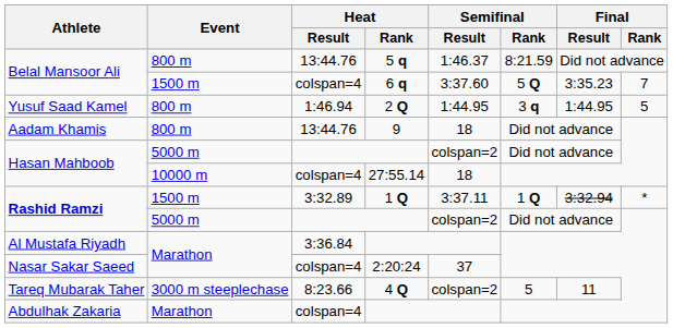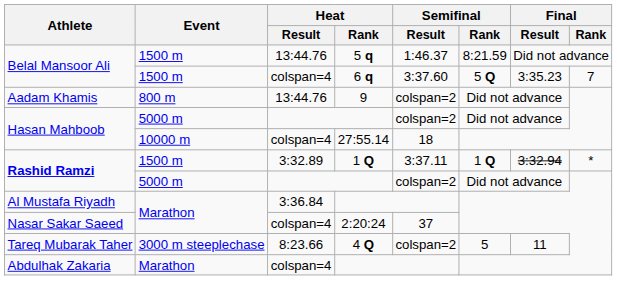 <table class=wikitable style="font-size:90%">
 <tr>
 <th rowspan="2">Athlete</th>
 <th rowspan="2">Event</th>
 <th colspan="2">Heat</th>
 <th colspan="2">Semifinal</th>
 <th colspan="2">Final</th>
 </tr>
 <tr style="font-size:95%">
 <th>Result</th>
 <th>Rank</th>
 <th>Result</th>
 <th>Rank</th>
 <th>Result</th>
 <th>Rank</th>
 </tr>
 <tr align=center>
 <td align=left rowspan=2><a href='#'>Belal Mansoor Ali</a></td>
-<td align=left><a href='#'>800 m</a></td>
+<td align=left><a href='#'>1500 m</a></td>
 <td>13:44.76</td>
 <td>5 <strong>q</strong></td>
 <td>1:46.37</td>
 <td>8:21.59</td>
 <td colspan=2>Did not advance</td>
 </tr>
 <tr align=center>
 <td align=left><a href='#'>1500 m</a></td>
 <td>colspan=4 </td>
 <td>6 <strong>q</strong></td>
 <td>3:37.60</td>
 <td>5 <strong>Q</strong></td>
 <td>3:35.23</td>
 <td>7</td>
 </tr>
 <tr align=center>
-<td align=left><a href='#'>Yusuf Saad Kamel</a></td>
-<td align=left><a href='#'>800 m</a></td>
-<td>1:46.94</td>
-<td>2 <strong>Q</strong></td>
-<td>1:44.95</td>
-<td>3 <strong>q</strong></td>
-<td>1:44.95</td>
-<td>5</td>
-</tr>
-<tr align=center>
 <td align=left><a href='#'>Aadam Khamis</a></td>
 <td align=left><a href='#'>800 m</a></td>
 <td>13:44.76</td>
 <td>9</td>
-<td>18</td>
+<td>colspan=2 </td>
 <td colspan=2>Did not advance</td>
 </tr>
 <tr align=center>
 <td align=left rowspan="2"><a href='#'>Hasan Mahboob</a></td>
 <td align=left><a href='#'>5000 m</a></td>
 <td colspan=2></td>
 <td>colspan=2 </td>
 <td colspan=2>Did not advance</td>
 </tr>
 <tr align=center>
 <td align=left><a href='#'>10000 m</a></td>
 <td>colspan=4 </td>
 <td>27:55.14</td>
 <td>18</td>
 </tr>
 <tr align=center>
 <td align=left rowspan=2><strong><a href='#'>Rashid Ramzi</a></strong></td>
 <td align=left><a href='#'>1500 m</a></td>
 <td>3:32.89</td>
 <td>1 <strong>Q</strong></td>
 <td>3:37.11</td>
 <td>1 <strong>Q</strong></td>
 <td><s>3:32.94</s></td>
 <td>*</td>
 </tr>
 <tr align=center>
 <td align=left><a href='#'>5000 m</a></td>
 <td colspan=2></td>
 <td>colspan=2 </td>
 <td colspan=2>Did not advance</td>
 </tr>
 <tr align=center>
 <td align=left><a href='#'>Al Mustafa Riyadh</a></td>
 <td align=left rowspan=2><a href='#'>Marathon</a></td>
 <td>3:36.84</td>
 <td colspan=2></td>
 </tr>
 <tr align=center>
 <td align=left><a href='#'>Nasar Sakar Saeed</a></td>
 <td>colspan=4 </td>
 <td>2:20:24</td>
 <td>37</td>
 </tr>
 <tr align=center>
 <td align=left><a href='#'>Tareq Mubarak Taher</a></td>
 <td align=left><a href='#'>3000 m steeplechase</a></td>
 <td>8:23.66</td>
 <td>4 <strong>Q</strong></td>
 <td>colspan=2 </td>
 <td>5</td>
 <td>11</td>
 </tr>
 <tr align=center>
 <td align=left><a href='#'>Abdulhak Zakaria</a></td>
 <td align=left><a href='#'>Marathon</a></td>
 <td>colspan=4 </td>
 <td colspan=2></td>
 </tr>
 </table>
